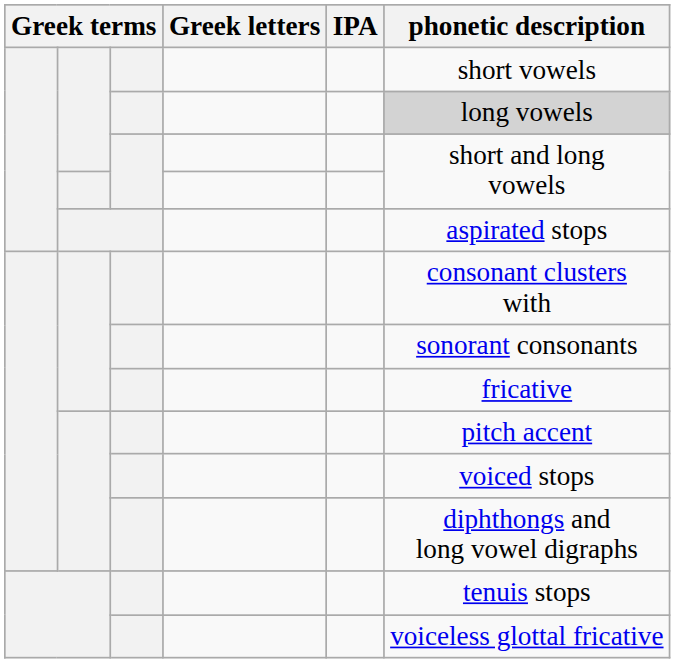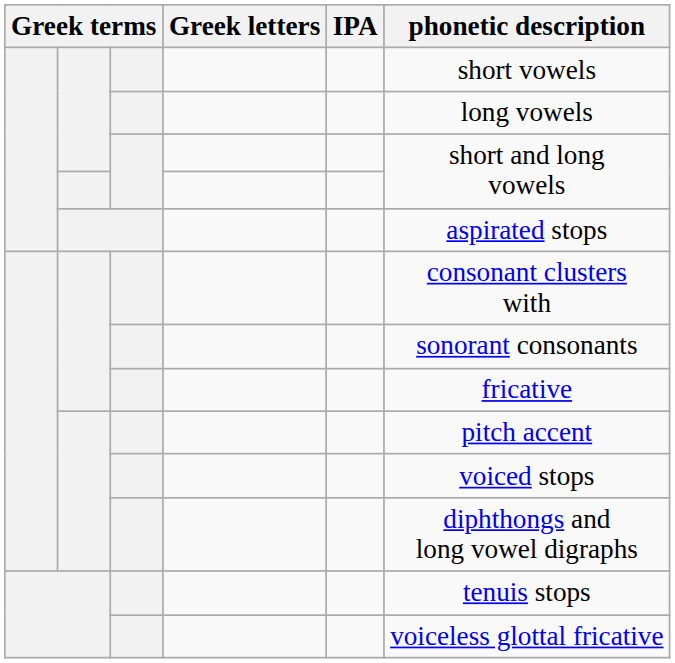 <table class="wikitable" style="text-align: center;">
 <tr>
 <th colspan=3>Greek terms</th>
 <th>Greek letters</th>
 <th>IPA</th>
 <th>phonetic description</th>
 </tr>
 <tr>
 <th rowspan="5"></th>
 <th rowspan="3"></th>
 <th></th>
 <td></td>
 <td></td>
 <td>short vowels</td>
 </tr>
 <tr>
 <th></th>
 <td></td>
 <td></td>
-<td style="background: lightgrey;">long vowels</td>
+<td>long vowels</td>
 </tr>
 <tr>
 <th rowspan="2"></th>
 <td></td>
 <td></td>
 <td rowspan="2">short and long<br>vowels</td>
 </tr>
 <tr>
 <th></th>
 <td></td>
 <td></td>
 </tr>
 <tr>
 <th colspan="2"></th>
 <td></td>
 <td></td>
 <td><a href='#'>aspirated</a> stops</td>
 </tr>
 <tr>
 <th rowspan=6></th>
 <th rowspan=3></th>
 <th></th>
 <td></td>
 <td></td>
 <td><a href='#'>consonant clusters</a><br>with </td>
 </tr>
 <tr>
 <th></th>
 <td></td>
 <td></td>
 <td><a href='#'>sonorant</a> consonants</td>
 </tr>
 <tr>
 <th></th>
 <td></td>
 <td></td>
 <td><a href='#'>fricative</a></td>
 </tr>
 <tr>
 <th rowspan=3></th>
 <th></th>
 <td></td>
 <td></td>
 <td><a href='#'>pitch accent</a></td>
 </tr>
 <tr>
 <th></th>
 <td></td>
 <td></td>
 <td><a href='#'>voiced</a> stops</td>
 </tr>
 <tr>
 <th></th>
 <td></td>
 <td></td>
 <td><a href='#'>diphthongs</a> and<br>long vowel digraphs</td>
 </tr>
 <tr>
 <th colspan="2" rowspan="2"></th>
 <th></th>
 <td></td>
 <td></td>
 <td><a href='#'>tenuis</a> stops</td>
 </tr>
 <tr>
 <th></th>
 <td></td>
 <td></td>
 <td><a href='#'>voiceless glottal fricative</a></td>
 </tr>
 </table>
